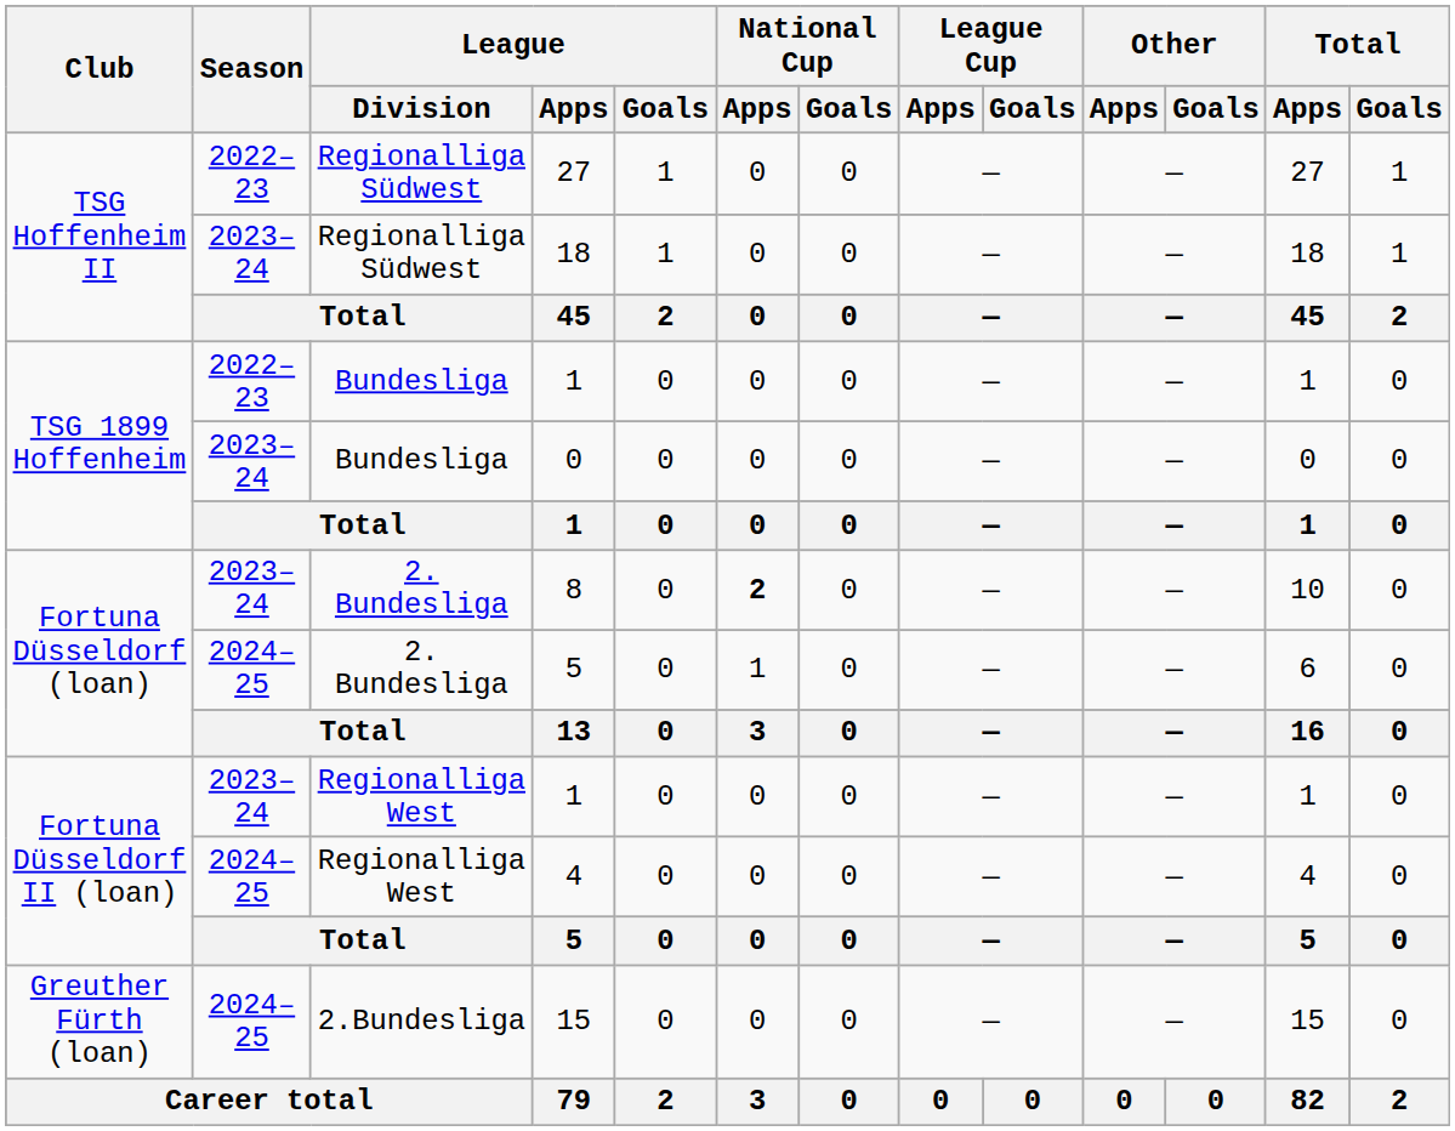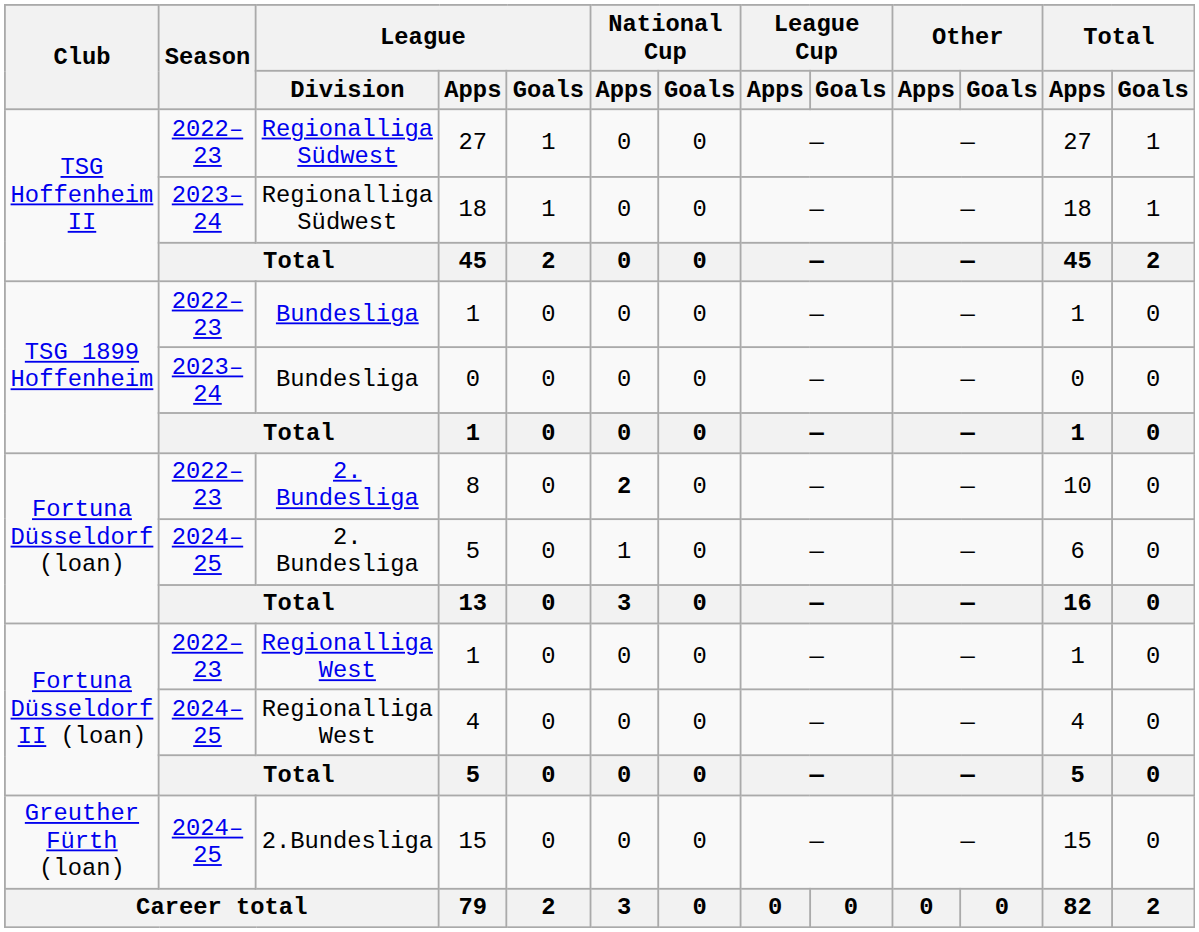 <table class=wikitable style=text-align:center>
 <tr>
 <th rowspan=2>Club</th>
 <th rowspan=2>Season</th>
 <th colspan=3>League</th>
 <th colspan=2>National Cup</th>
 <th colspan=2>League Cup</th>
 <th colspan=2>Other</th>
 <th colspan=2>Total</th>
 </tr>
 <tr>
 <th>Division</th>
 <th>Apps</th>
 <th>Goals</th>
 <th>Apps</th>
 <th>Goals</th>
 <th>Apps</th>
 <th>Goals</th>
 <th>Apps</th>
 <th>Goals</th>
 <th>Apps</th>
 <th>Goals</th>
 </tr>
 <tr>
 <td rowspan="3"><a href='#'>TSG Hoffenheim II</a></td>
 <td><a href='#'>2022–23</a></td>
 <td><a href='#'>Regionalliga Südwest</a></td>
 <td>27</td>
 <td>1</td>
 <td>0</td>
 <td>0</td>
 <td colspan="2">—</td>
 <td colspan="2">—</td>
 <td>27</td>
 <td>1</td>
 </tr>
 <tr>
 <td><a href='#'>2023–24</a></td>
 <td>Regionalliga Südwest</td>
 <td>18</td>
 <td>1</td>
 <td>0</td>
 <td>0</td>
 <td colspan="2">—</td>
 <td colspan="2">—</td>
 <td>18</td>
 <td>1</td>
 </tr>
 <tr>
 <th colspan="2">Total</th>
 <th>45</th>
 <th>2</th>
 <th>0</th>
 <th>0</th>
 <th colspan="2">—</th>
 <th colspan="2">—</th>
 <th>45</th>
 <th>2</th>
 </tr>
 <tr>
 <td rowspan="3"><a href='#'>TSG 1899 Hoffenheim</a></td>
 <td><a href='#'>2022–23</a></td>
 <td><a href='#'>Bundesliga</a></td>
 <td>1</td>
 <td>0</td>
 <td>0</td>
 <td>0</td>
 <td colspan="2">—</td>
 <td colspan="2">—</td>
 <td>1</td>
 <td>0</td>
 </tr>
 <tr>
 <td><a href='#'>2023–24</a></td>
 <td>Bundesliga</td>
 <td>0</td>
 <td>0</td>
 <td>0</td>
 <td>0</td>
 <td colspan="2">—</td>
 <td colspan="2">—</td>
 <td>0</td>
 <td>0</td>
 </tr>
 <tr>
 <th colspan="2">Total</th>
 <th>1</th>
 <th>0</th>
 <th>0</th>
 <th>0</th>
 <th colspan="2">—</th>
 <th colspan="2">—</th>
 <th>1</th>
 <th>0</th>
 </tr>
 <tr>
 <td rowspan="3"><a href='#'>Fortuna Düsseldorf</a> (loan)</td>
-<td><a href='#'>2023–24</a></td>
+<td><a href='#'>2022–23</a></td>
 <td><a href='#'>2. Bundesliga</a></td>
 <td>8</td>
 <td>0</td>
 <td><strong>2</strong></td>
 <td>0</td>
 <td colspan="2">—</td>
 <td colspan="2">—</td>
 <td>10</td>
 <td>0</td>
 </tr>
 <tr>
 <td><a href='#'>2024–25</a></td>
 <td>2. Bundesliga</td>
 <td>5</td>
 <td>0</td>
 <td>1</td>
 <td>0</td>
 <td colspan="2">—</td>
 <td colspan="2">—</td>
 <td>6</td>
 <td>0</td>
 </tr>
 <tr>
 <th colspan="2">Total</th>
 <th>13</th>
 <th>0</th>
 <th>3</th>
 <th>0</th>
 <th colspan="2">—</th>
 <th colspan="2">—</th>
 <th>16</th>
 <th>0</th>
 </tr>
 <tr>
 <td rowspan="3"><a href='#'>Fortuna Düsseldorf II</a> (loan)</td>
-<td><a href='#'>2023–24</a></td>
+<td><a href='#'>2022–23</a></td>
 <td><a href='#'>Regionalliga West</a></td>
 <td>1</td>
 <td>0</td>
 <td>0</td>
 <td>0</td>
 <td colspan="2">—</td>
 <td colspan="2">—</td>
 <td>1</td>
 <td>0</td>
 </tr>
 <tr>
 <td><a href='#'>2024–25</a></td>
 <td>Regionalliga West</td>
 <td>4</td>
 <td>0</td>
 <td>0</td>
 <td>0</td>
 <td colspan="2">—</td>
 <td colspan="2">—</td>
 <td>4</td>
 <td>0</td>
 </tr>
 <tr>
 <th colspan="2">Total</th>
 <th>5</th>
 <th>0</th>
 <th>0</th>
 <th>0</th>
 <th colspan="2">—</th>
 <th colspan="2">—</th>
 <th>5</th>
 <th>0</th>
 </tr>
 <tr>
 <td><a href='#'>Greuther Fürth</a> (loan)</td>
 <td><a href='#'>2024–25</a></td>
 <td>2.Bundesliga</td>
 <td>15</td>
 <td>0</td>
 <td>0</td>
 <td>0</td>
 <td colspan="2">—</td>
 <td colspan="2">—</td>
 <td>15</td>
 <td>0</td>
 </tr>
 <tr>
 <th colspan="3">Career total</th>
 <th>79</th>
 <th>2</th>
 <th>3</th>
 <th>0</th>
 <th>0</th>
 <th>0</th>
 <th>0</th>
 <th>0</th>
 <th>82</th>
 <th>2</th>
 </tr>
 </table>
